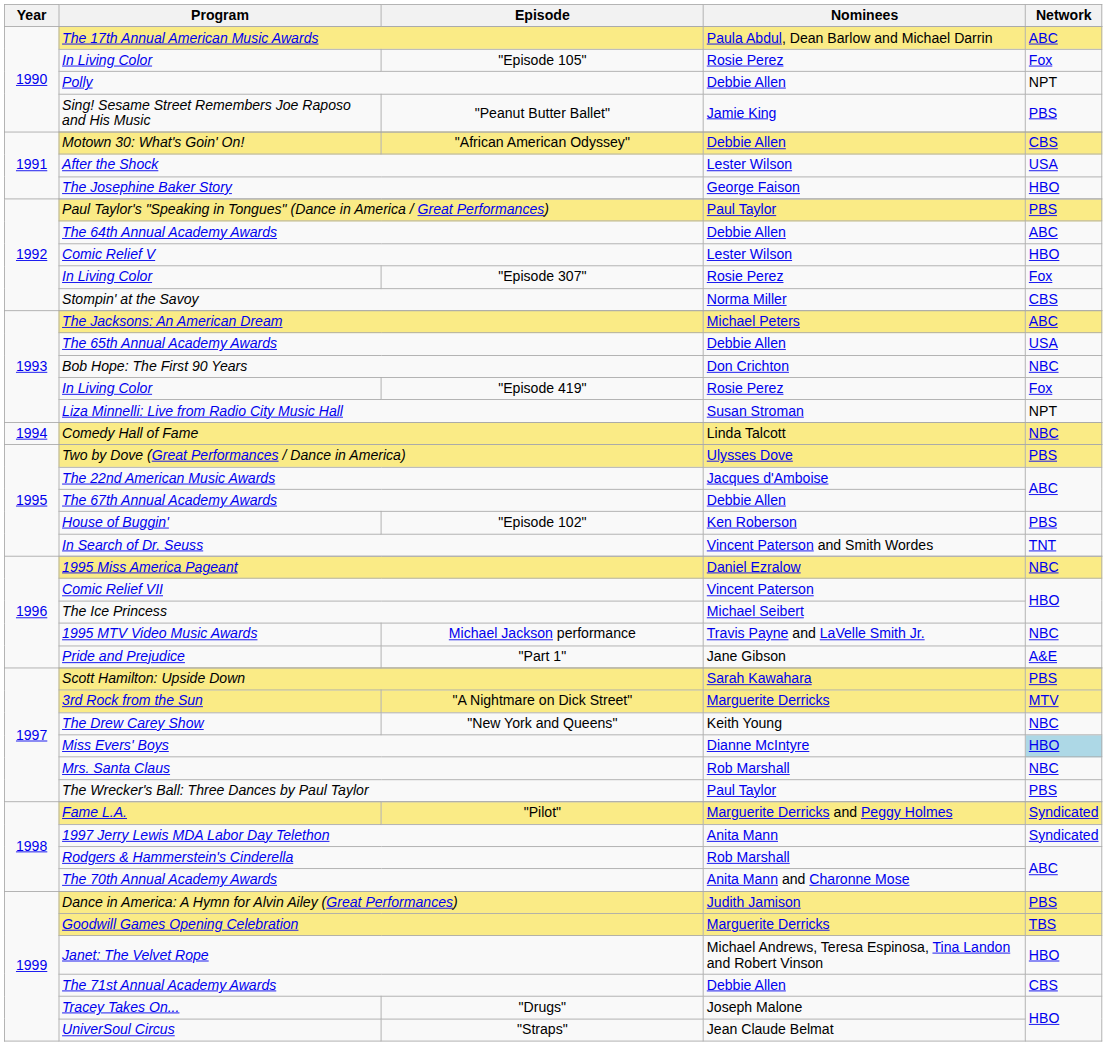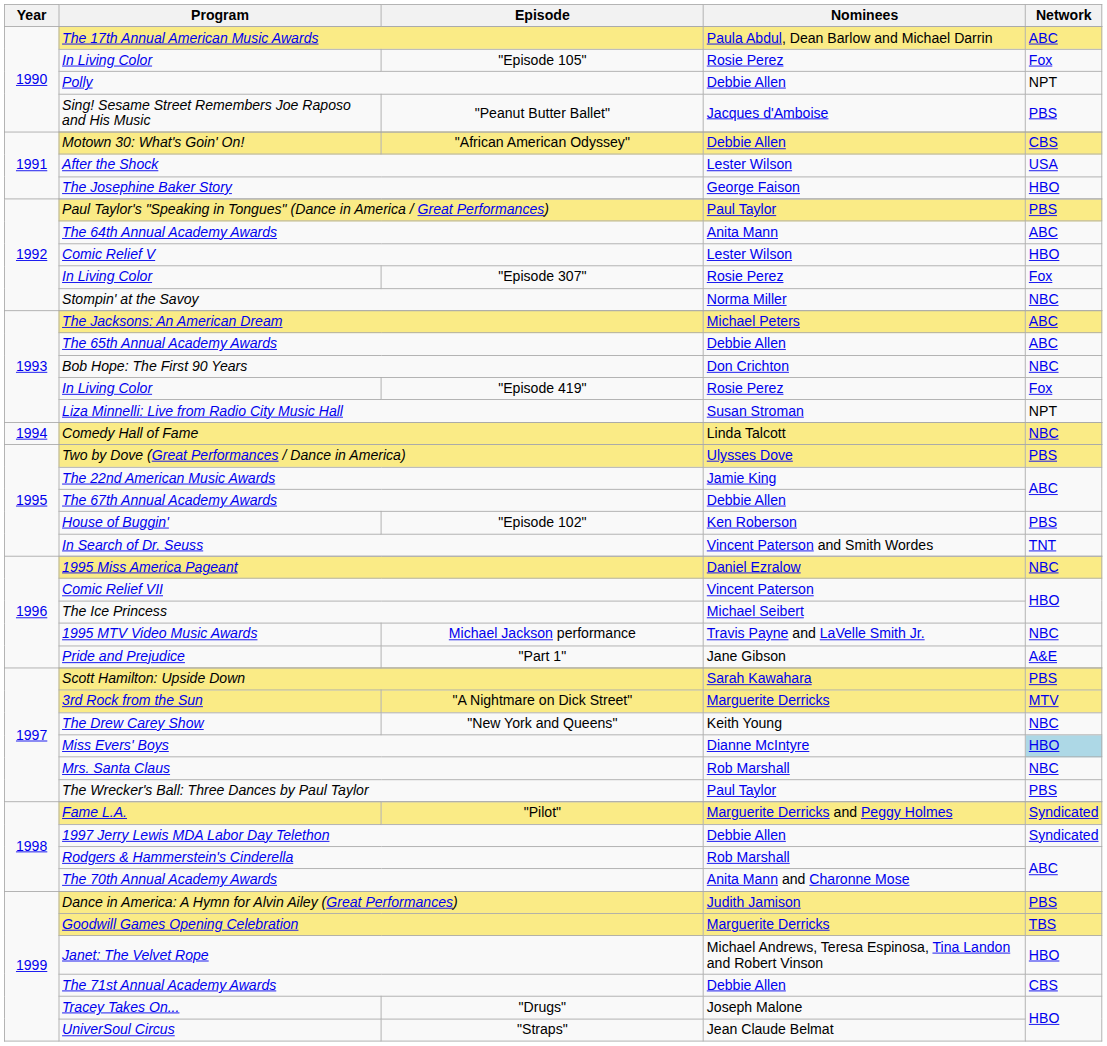 <table class="wikitable">
 <tr>
 <th width="5%">Year</th>
 <th width="30%">Program</th>
 <th width="30%">Episode</th>
 <th width="30%">Nominees</th>
 <th width="5%">Network</th>
 </tr>
 <tr>
 <td rowspan="5" style="text-align:center;"><a href='#'>1990</a><br></td>
 </tr>
 <tr style="background:#FAEB86">
 <td colspan=2><em><a href='#'>The 17th Annual American Music Awards</a></em></td>
 <td><a href='#'>Paula Abdul</a>, Dean Barlow and Michael Darrin</td>
 <td><a href='#'>ABC</a></td>
 </tr>
 <tr>
 <td><em><a href='#'>In Living Color</a></em></td>
 <td align=center>"Episode 105"</td>
 <td><a href='#'>Rosie Perez</a></td>
 <td><a href='#'>Fox</a></td>
 </tr>
 <tr>
 <td colspan=2><em><a href='#'>Polly</a></em></td>
 <td><a href='#'>Debbie Allen</a></td>
 <td>NPT</td>
 </tr>
 <tr>
 <td><em>Sing! Sesame Street Remembers Joe Raposo and His Music</em></td>
 <td align=center>"Peanut Butter Ballet"</td>
-<td><a href='#'>Jamie King</a></td>
+<td><a href='#'>Jacques d'Amboise</a></td>
 <td><a href='#'>PBS</a></td>
 </tr>
 <tr>
 <td rowspan="4" style="text-align:center;"><a href='#'>1991</a><br></td>
 </tr>
 <tr style="background:#FAEB86">
 <td><em>Motown 30: What's Goin' On!</em></td>
 <td align=center>"African American Odyssey"</td>
 <td><a href='#'>Debbie Allen</a></td>
 <td><a href='#'>CBS</a></td>
 </tr>
 <tr>
 <td colspan=2><em><a href='#'>After the Shock</a></em></td>
 <td><a href='#'>Lester Wilson</a></td>
 <td><a href='#'>USA</a></td>
 </tr>
 <tr>
 <td colspan=2><em><a href='#'>The Josephine Baker Story</a></em></td>
 <td><a href='#'>George Faison</a></td>
 <td><a href='#'>HBO</a></td>
 </tr>
 <tr>
 <td rowspan="6" style="text-align:center;"><a href='#'>1992</a><br></td>
 </tr>
 <tr style="background:#FAEB86">
 <td colspan=2><em>Paul Taylor's "Speaking in Tongues" (Dance in America / <a href='#'>Great Performances</a>)</em></td>
 <td><a href='#'>Paul Taylor</a></td>
 <td><a href='#'>PBS</a></td>
 </tr>
 <tr>
 <td colspan=2><em><a href='#'>The 64th Annual Academy Awards</a></em></td>
-<td><a href='#'>Debbie Allen</a></td>
+<td><a href='#'>Anita Mann</a></td>
 <td><a href='#'>ABC</a></td>
 </tr>
 <tr>
 <td colspan=2><em><a href='#'>Comic Relief V</a></em></td>
 <td><a href='#'>Lester Wilson</a></td>
 <td><a href='#'>HBO</a></td>
 </tr>
 <tr>
 <td><em><a href='#'>In Living Color</a></em></td>
 <td align=center>"Episode 307"</td>
 <td><a href='#'>Rosie Perez</a></td>
 <td><a href='#'>Fox</a></td>
 </tr>
 <tr>
 <td colspan=2><em>Stompin' at the Savoy</em></td>
 <td><a href='#'>Norma Miller</a></td>
-<td><a href='#'>CBS</a></td>
+<td><a href='#'>NBC</a></td>
 </tr>
 <tr>
 <td rowspan="6" style="text-align:center;"><a href='#'>1993</a><br></td>
 </tr>
 <tr style="background:#FAEB86">
 <td colspan=2><em><a href='#'>The Jacksons: An American Dream</a></em></td>
 <td><a href='#'>Michael Peters</a></td>
 <td><a href='#'>ABC</a></td>
 </tr>
 <tr>
 <td colspan=2><em><a href='#'>The 65th Annual Academy Awards</a></em></td>
 <td><a href='#'>Debbie Allen</a></td>
-<td><a href='#'>USA</a></td>
+<td><a href='#'>ABC</a></td>
 </tr>
 <tr>
 <td colspan=2><em>Bob Hope: The First 90 Years</em></td>
 <td><a href='#'>Don Crichton</a></td>
 <td><a href='#'>NBC</a></td>
 </tr>
 <tr>
 <td><em><a href='#'>In Living Color</a></em></td>
 <td align=center>"Episode 419"</td>
 <td><a href='#'>Rosie Perez</a></td>
 <td><a href='#'>Fox</a></td>
 </tr>
 <tr>
 <td colspan=2><em><a href='#'>Liza Minnelli: Live from Radio City Music Hall</a></em></td>
 <td><a href='#'>Susan Stroman</a></td>
 <td>NPT</td>
 </tr>
 <tr>
 <td rowspan="2" style="text-align:center;"><a href='#'>1994</a><br></td>
 </tr>
 <tr style="background:#FAEB86">
 <td colspan=2><em>Comedy Hall of Fame</em></td>
 <td>Linda Talcott</td>
 <td><a href='#'>NBC</a></td>
 </tr>
 <tr>
 <td rowspan="6" style="text-align:center;"><a href='#'>1995</a><br></td>
 </tr>
 <tr style="background:#FAEB86">
 <td colspan=2><em>Two by Dove (<a href='#'>Great Performances</a> / Dance in America)</em></td>
 <td><a href='#'>Ulysses Dove</a></td>
 <td><a href='#'>PBS</a></td>
 </tr>
 <tr>
 <td colspan=2><em><a href='#'>The 22nd American Music Awards</a></em></td>
-<td><a href='#'>Jacques d'Amboise</a></td>
+<td><a href='#'>Jamie King</a></td>
 <td rowspan=2><a href='#'>ABC</a></td>
 </tr>
 <tr>
 <td colspan=2><em><a href='#'>The 67th Annual Academy Awards</a></em></td>
 <td><a href='#'>Debbie Allen</a></td>
 </tr>
 <tr>
 <td><em><a href='#'>House of Buggin'</a></em></td>
 <td align=center>"Episode 102"</td>
 <td><a href='#'>Ken Roberson</a></td>
 <td><a href='#'>PBS</a></td>
 </tr>
 <tr>
 <td colspan=2><em><a href='#'>In Search of Dr. Seuss</a></em></td>
 <td><a href='#'>Vincent Paterson</a> and Smith Wordes</td>
 <td><a href='#'>TNT</a></td>
 </tr>
 <tr>
 <td rowspan="6" style="text-align:center;"><a href='#'>1996</a><br></td>
 </tr>
 <tr style="background:#FAEB86">
 <td colspan=2><em><a href='#'>1995 Miss America Pageant</a></em></td>
 <td><a href='#'>Daniel Ezralow</a></td>
 <td><a href='#'>NBC</a></td>
 </tr>
 <tr>
 <td colspan=2><em><a href='#'>Comic Relief VII</a></em></td>
 <td><a href='#'>Vincent Paterson</a></td>
 <td rowspan=2><a href='#'>HBO</a></td>
 </tr>
 <tr>
 <td colspan=2><em>The Ice Princess</em></td>
 <td><a href='#'>Michael Seibert</a></td>
 </tr>
 <tr>
 <td><em><a href='#'>1995 MTV Video Music Awards</a></em></td>
 <td align=center><a href='#'>Michael Jackson</a> performance</td>
 <td><a href='#'>Travis Payne</a> and <a href='#'>LaVelle Smith Jr.</a></td>
 <td><a href='#'>NBC</a></td>
 </tr>
 <tr>
 <td><em><a href='#'>Pride and Prejudice</a></em></td>
 <td align=center>"Part 1"</td>
 <td>Jane Gibson</td>
 <td><a href='#'>A&E</a></td>
 </tr>
 <tr>
 <td rowspan="7" style="text-align:center;"><a href='#'>1997</a><br></td>
 </tr>
 <tr style="background:#FAEB86">
 <td colspan=2><em>Scott Hamilton: Upside Down</em></td>
 <td><a href='#'>Sarah Kawahara</a></td>
 <td><a href='#'>PBS</a></td>
 </tr>
 <tr style="background:#FAEB86">
 <td><em><a href='#'>3rd Rock from the Sun</a></em></td>
 <td align=center>"A Nightmare on Dick Street"</td>
 <td><a href='#'>Marguerite Derricks</a></td>
 <td><a href='#'>MTV</a></td>
 </tr>
 <tr>
 <td><em><a href='#'>The Drew Carey Show</a></em></td>
 <td align=center>"New York and Queens"</td>
 <td>Keith Young</td>
 <td><a href='#'>NBC</a></td>
 </tr>
 <tr>
 <td colspan=2><em><a href='#'>Miss Evers' Boys</a></em></td>
 <td><a href='#'>Dianne McIntyre</a></td>
 <td style="background: lightblue;"><a href='#'>HBO</a></td>
 </tr>
 <tr>
 <td colspan=2><em><a href='#'>Mrs. Santa Claus</a></em></td>
 <td><a href='#'>Rob Marshall</a></td>
 <td><a href='#'>NBC</a></td>
 </tr>
 <tr>
 <td colspan=2><em>The Wrecker's Ball: Three Dances by Paul Taylor</em></td>
 <td><a href='#'>Paul Taylor</a></td>
 <td><a href='#'>PBS</a></td>
 </tr>
 <tr>
 <td rowspan="5" style="text-align:center;"><a href='#'>1998</a><br></td>
 </tr>
 <tr style="background:#FAEB86">
 <td><em><a href='#'>Fame L.A.</a></em></td>
 <td align=center>"Pilot"</td>
 <td><a href='#'>Marguerite Derricks</a> and <a href='#'>Peggy Holmes</a></td>
 <td><a href='#'>Syndicated</a></td>
 </tr>
 <tr>
 <td colspan=2><em><a href='#'>1997 Jerry Lewis MDA Labor Day Telethon</a></em></td>
-<td><a href='#'>Anita Mann</a></td>
+<td><a href='#'>Debbie Allen</a></td>
 <td><a href='#'>Syndicated</a></td>
 </tr>
 <tr>
 <td colspan=2><em><a href='#'>Rodgers & Hammerstein's Cinderella</a></em></td>
 <td><a href='#'>Rob Marshall</a></td>
 <td rowspan=2><a href='#'>ABC</a></td>
 </tr>
 <tr>
 <td colspan=2><em><a href='#'>The 70th Annual Academy Awards</a></em></td>
 <td><a href='#'>Anita Mann</a> and <a href='#'>Charonne Mose</a></td>
 </tr>
 <tr>
 <td rowspan="7" style="text-align:center;"><a href='#'>1999</a><br></td>
 </tr>
 <tr style="background:#FAEB86">
 <td colspan=2><em>Dance in America: A Hymn for Alvin Ailey (<a href='#'>Great Performances</a>)</em></td>
 <td><a href='#'>Judith Jamison</a></td>
 <td><a href='#'>PBS</a></td>
 </tr>
 <tr style="background:#FAEB86">
 <td colspan=2><em><a href='#'>Goodwill Games Opening Celebration</a></em></td>
 <td><a href='#'>Marguerite Derricks</a></td>
 <td><a href='#'>TBS</a></td>
 </tr>
 <tr>
 <td colspan=2><em><a href='#'>Janet: The Velvet Rope</a></em></td>
 <td>Michael Andrews, Teresa Espinosa, <a href='#'>Tina Landon</a> and Robert Vinson</td>
 <td><a href='#'>HBO</a></td>
 </tr>
 <tr>
 <td colspan=2><em><a href='#'>The 71st Annual Academy Awards</a></em></td>
 <td><a href='#'>Debbie Allen</a></td>
 <td><a href='#'>CBS</a></td>
 </tr>
 <tr>
 <td><em><a href='#'>Tracey Takes On...</a></em></td>
 <td align=center>"Drugs"</td>
 <td>Joseph Malone</td>
 <td rowspan=2><a href='#'>HBO</a></td>
 </tr>
 <tr>
 <td><em><a href='#'>UniverSoul Circus</a></em></td>
 <td align=center>"Straps"</td>
 <td>Jean Claude Belmat</td>
 </tr>
 </table>
